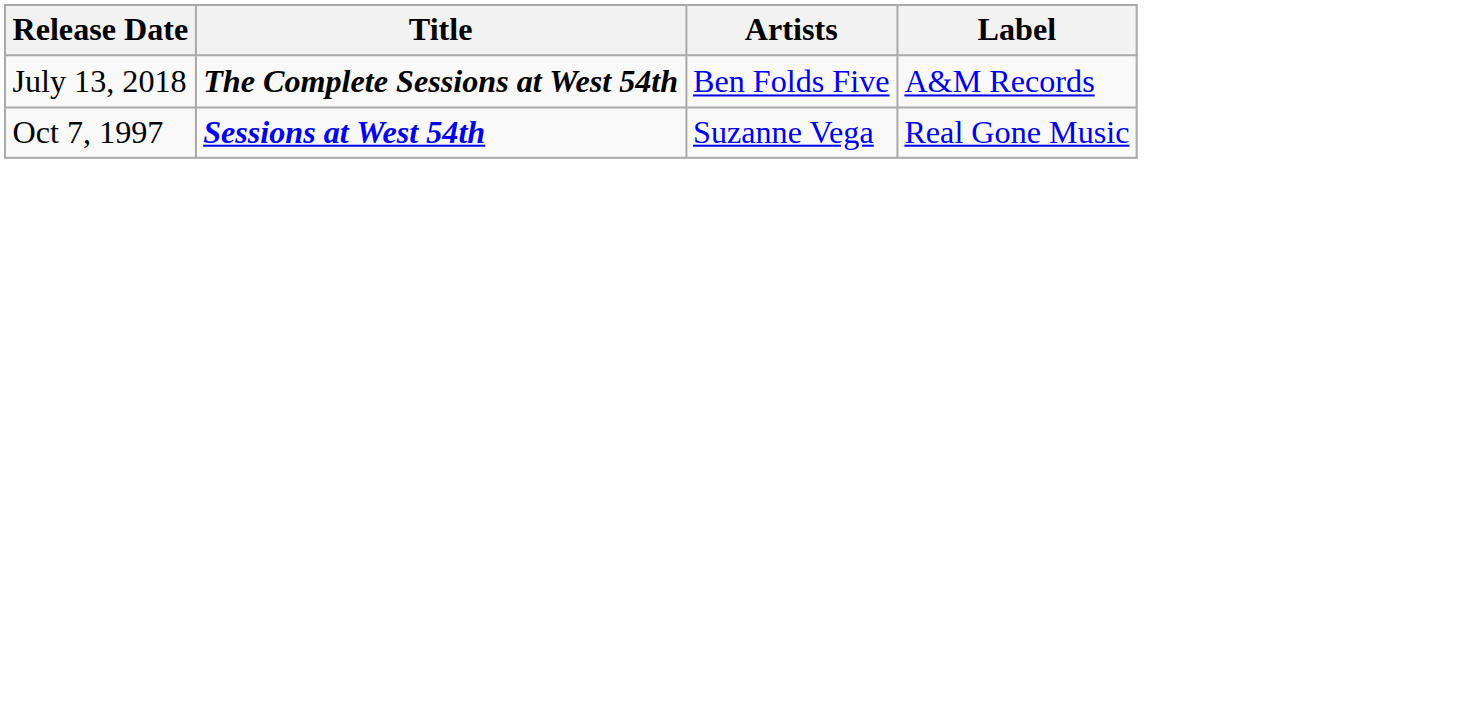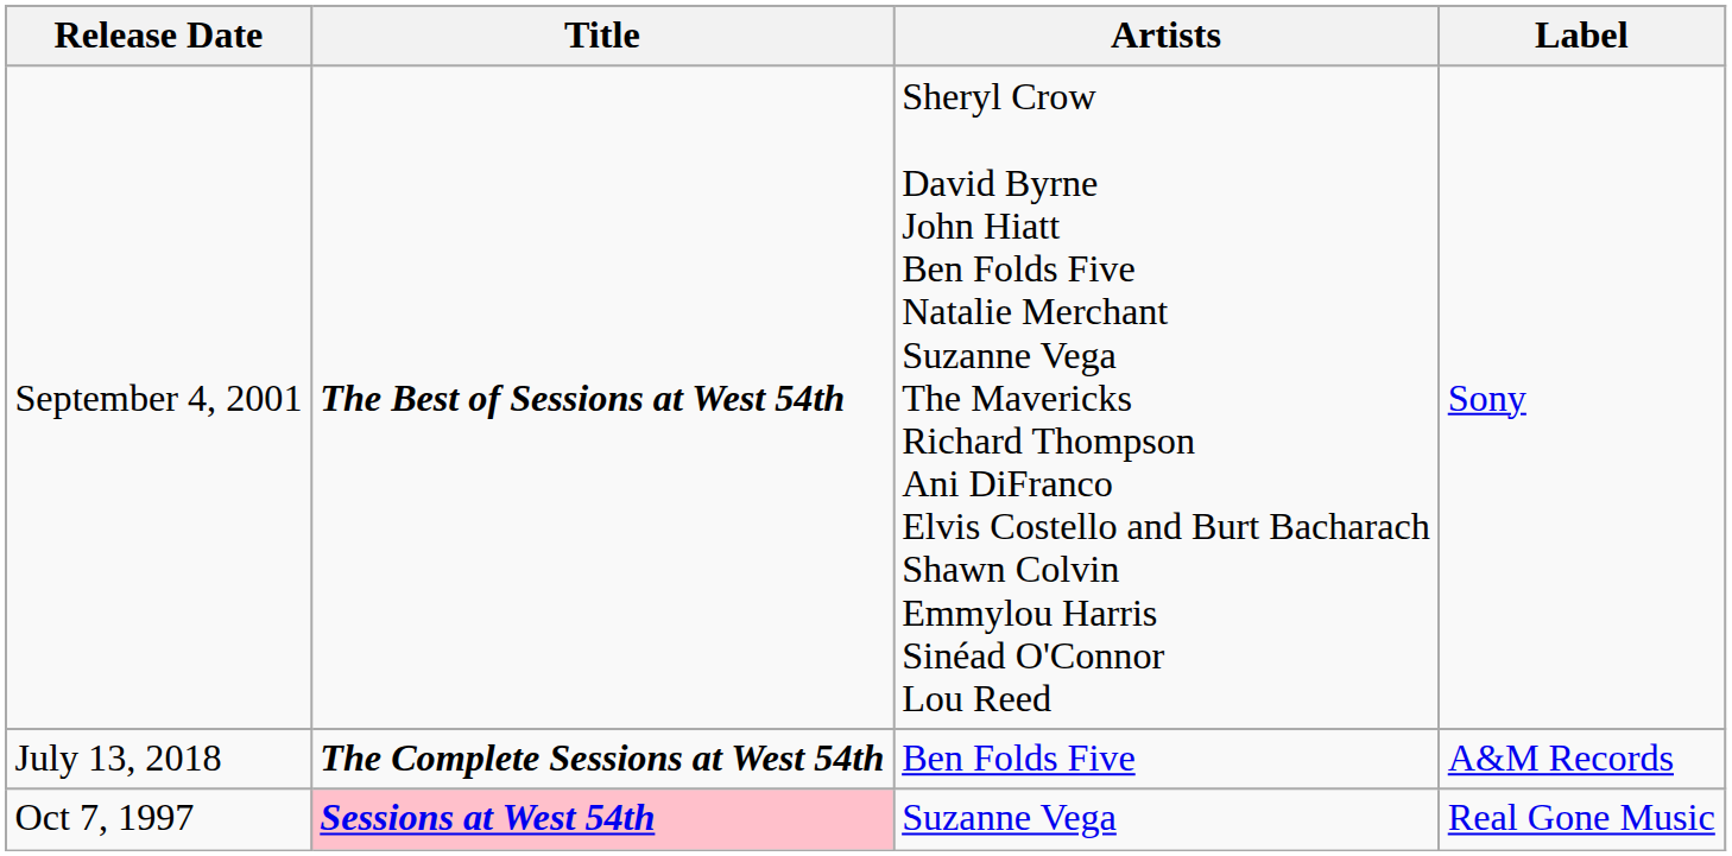 <table class="wikitable">
 <tr>
 <th>Release Date</th>
 <th>Title</th>
 <th>Artists</th>
 <th>Label</th>
+</tr>
+<tr>
+<td>September 4, 2001</td>
+<td><strong><em>The Best of Sessions at West 54th</em></strong></td>
+<td>Sheryl Crow<br><br>David Byrne<br> John Hiatt<br> Ben Folds Five <br> Natalie Merchant <br> Suzanne Vega<br> The Mavericks <br> Richard Thompson <br> Ani DiFranco <br> Elvis Costello and Burt Bacharach<br> Shawn Colvin <br> Emmylou Harris <br> Sinéad O'Connor <br> Lou Reed</td>
+<td><a href='#'>Sony</a></td>
 </tr>
 <tr>
 <td>July 13, 2018</td>
 <td><strong><em>The Complete Sessions at West 54th</em></strong></td>
 <td><a href='#'>Ben Folds Five</a></td>
 <td><a href='#'>A&M Records</a></td>
 </tr>
 <tr>
 <td>Oct 7, 1997</td>
-<td><strong><em><a href='#'>Sessions at West 54th</a></em></strong></td>
+<td style="background: pink;"><strong><em><a href='#'>Sessions at West 54th</a></em></strong></td>
 <td><a href='#'>Suzanne Vega</a></td>
 <td><a href='#'>Real Gone Music</a></td>
 </tr>
 </table>
